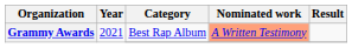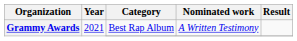 <table class="wikitable sortable plainrowheaders">
 <tr>
 <th scope="col">Organization</th>
 <th scope="col">Year</th>
 <th scope="col">Category</th>
 <th scope="col">Nominated work</th>
 <th scope="col">Result</th>
 </tr>
 <tr>
 <th rowspan=2 scope="row"><a href='#'>Grammy Awards</a></th>
 <td rowspan=2><a href='#'>2021</a></td>
 <td><a href='#'>Best Rap Album</a></td>
-<td style="background: lightsalmon;"><em><a href='#'>A Written Testimony</a></em></td>
+<td><em><a href='#'>A Written Testimony</a></em></td>
 <td></td>
 </tr>
 <tr>
 </tr>
 </table>
